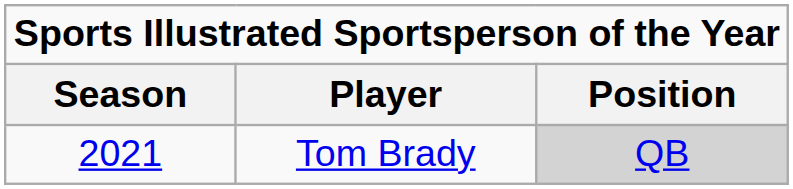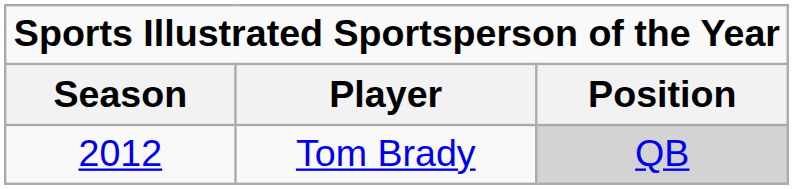 <table class="wikitable" style="text-align:center">
 <tr>
 <td colspan="3"><strong>Sports Illustrated Sportsperson of the Year</strong></td>
 </tr>
 <tr>
 <th>Season</th>
 <th>Player</th>
 <th>Position</th>
 </tr>
 <tr>
-<td><a href='#'>2021</a></td>
+<td><a href='#'>2012</a></td>
 <td><a href='#'>Tom Brady</a></td>
 <td style="background: lightgrey;"><a href='#'>QB</a></td>
 </tr>
 </table>
